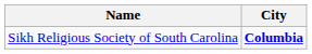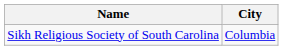 <table class="wikitable sortable">
 <tr>
 <th>Name</th>
 <th>City</th>
 </tr>
 <tr>
 <td><a href='#'>Sikh Religious Society of South Carolina</a></td>
-<td><strong><a href='#'>Columbia</a></strong></td>
+<td><a href='#'>Columbia</a></td>
 </tr>
 </table>
